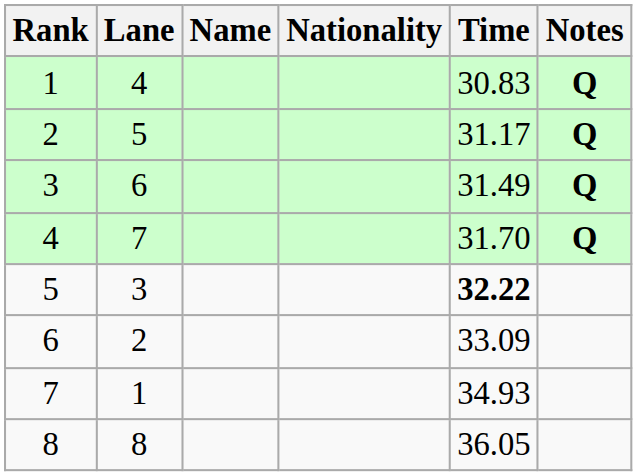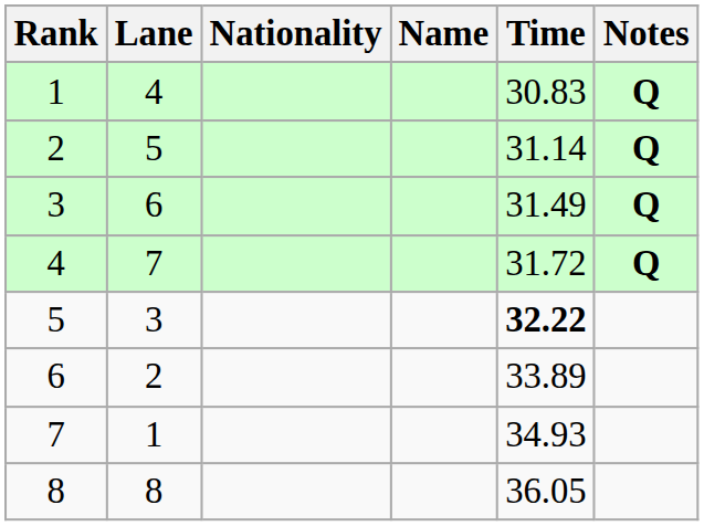 <table class="wikitable sortable" style="text-align:center">
 <tr>
 <th>Rank</th>
 <th>Lane</th>
+<th>Nationality</th>
 <th>Name</th>
-<th>Nationality</th>
 <th>Time</th>
 <th>Notes</th>
 </tr>
 <tr bgcolor=ccffcc>
 <td>1</td>
 <td>4</td>
 <td align=left></td>
 <td align=left></td>
 <td>30.83</td>
 <td><strong>Q</strong></td>
 </tr>
 <tr bgcolor=ccffcc>
 <td>2</td>
 <td>5</td>
 <td align=left></td>
 <td align=left></td>
-<td>31.17</td>
+<td>31.14</td>
 <td><strong>Q</strong></td>
 </tr>
 <tr bgcolor=ccffcc>
 <td>3</td>
 <td>6</td>
 <td align=left></td>
 <td align=left></td>
 <td>31.49</td>
 <td><strong>Q</strong></td>
 </tr>
 <tr bgcolor=ccffcc>
 <td>4</td>
 <td>7</td>
 <td align=left></td>
 <td align=left></td>
-<td>31.70</td>
+<td>31.72</td>
 <td><strong>Q</strong></td>
 </tr>
 <tr>
 <td>5</td>
 <td>3</td>
 <td align=left></td>
 <td align=left></td>
 <td><strong>32.22</strong></td>
 <td></td>
 </tr>
 <tr>
 <td>6</td>
 <td>2</td>
 <td align=left></td>
 <td align=left></td>
-<td>33.09</td>
+<td>33.89</td>
 <td></td>
 </tr>
 <tr>
 <td>7</td>
 <td>1</td>
 <td align=left></td>
 <td align=left></td>
 <td>34.93</td>
 <td></td>
 </tr>
 <tr>
 <td>8</td>
 <td>8</td>
 <td align=left></td>
 <td align=left></td>
 <td>36.05</td>
 <td></td>
 </tr>
 </table>
